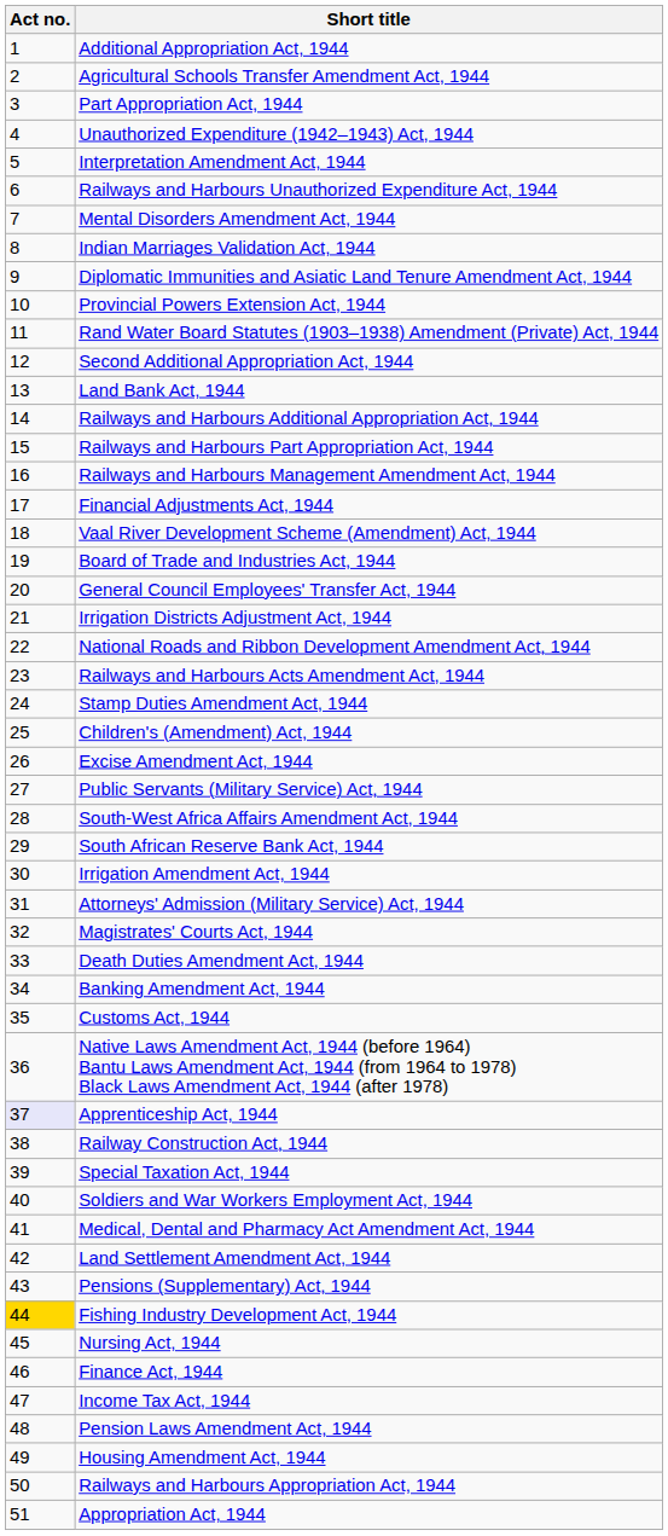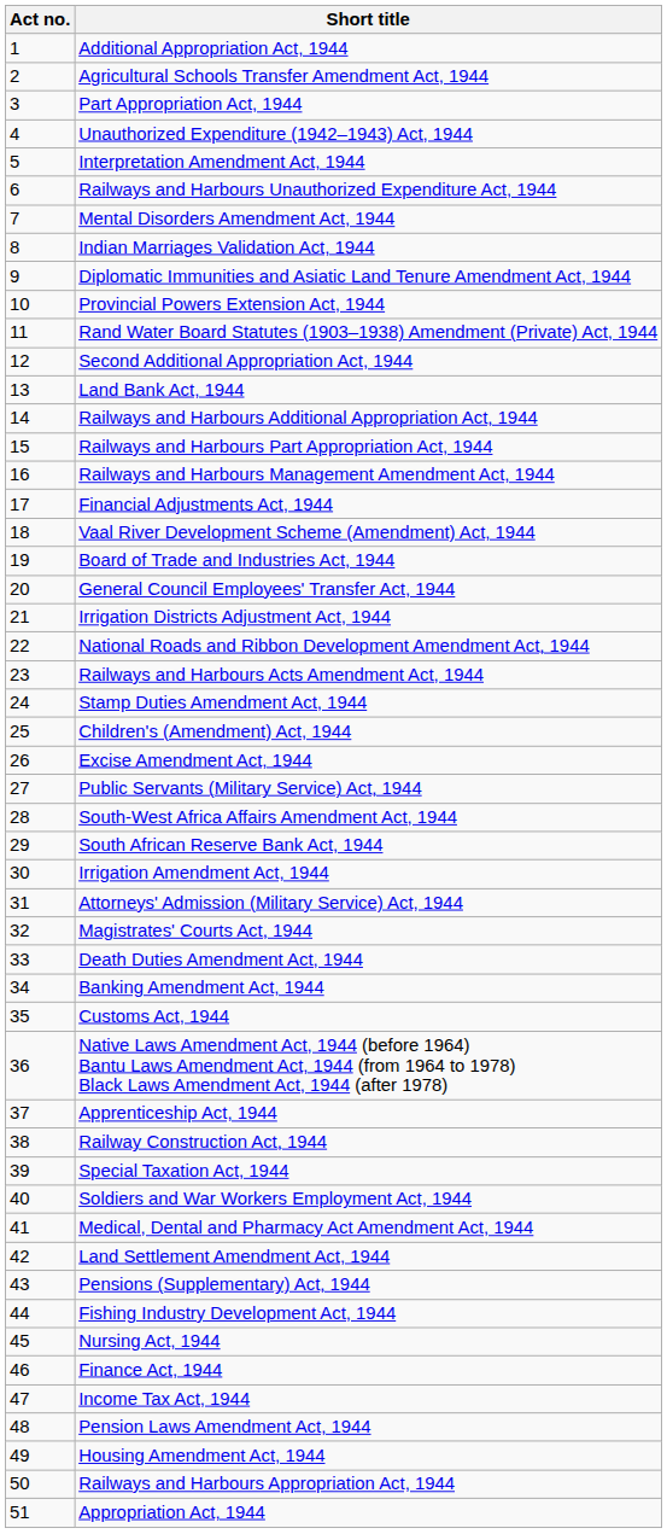 <table class="wikitable sortable">
 <tr>
 <th>Act no.</th>
 <th>Short title</th>
 </tr>
 <tr>
 <td>1</td>
 <td><a href='#'>Additional Appropriation Act, 1944</a></td>
 </tr>
 <tr>
 <td>2</td>
 <td><a href='#'>Agricultural Schools Transfer Amendment Act, 1944</a></td>
 </tr>
 <tr>
 <td>3</td>
 <td><a href='#'>Part Appropriation Act, 1944</a></td>
 </tr>
 <tr>
 <td>4</td>
 <td><a href='#'>Unauthorized Expenditure (1942–1943) Act, 1944</a></td>
 </tr>
 <tr>
 <td>5</td>
 <td><a href='#'>Interpretation Amendment Act, 1944</a></td>
 </tr>
 <tr>
 <td>6</td>
 <td><a href='#'>Railways and Harbours Unauthorized Expenditure Act, 1944</a></td>
 </tr>
 <tr>
 <td>7</td>
 <td><a href='#'>Mental Disorders Amendment Act, 1944</a></td>
 </tr>
 <tr>
 <td>8</td>
 <td><a href='#'>Indian Marriages Validation Act, 1944</a></td>
 </tr>
 <tr>
 <td>9</td>
 <td><a href='#'>Diplomatic Immunities and Asiatic Land Tenure Amendment Act, 1944</a></td>
 </tr>
 <tr>
 <td>10</td>
 <td><a href='#'>Provincial Powers Extension Act, 1944</a></td>
 </tr>
 <tr>
 <td>11</td>
 <td><a href='#'>Rand Water Board Statutes (1903–1938) Amendment (Private) Act, 1944</a></td>
 </tr>
 <tr>
 <td>12</td>
 <td><a href='#'>Second Additional Appropriation Act, 1944</a></td>
 </tr>
 <tr>
 <td>13</td>
 <td><a href='#'>Land Bank Act, 1944</a></td>
 </tr>
 <tr>
 <td>14</td>
 <td><a href='#'>Railways and Harbours Additional Appropriation Act, 1944</a></td>
 </tr>
 <tr>
 <td>15</td>
 <td><a href='#'>Railways and Harbours Part Appropriation Act, 1944</a></td>
 </tr>
 <tr>
 <td>16</td>
 <td><a href='#'>Railways and Harbours Management Amendment Act, 1944</a></td>
 </tr>
 <tr>
 <td>17</td>
 <td><a href='#'>Financial Adjustments Act, 1944</a></td>
 </tr>
 <tr>
 <td>18</td>
 <td><a href='#'>Vaal River Development Scheme (Amendment) Act, 1944</a></td>
 </tr>
 <tr>
 <td>19</td>
 <td><a href='#'>Board of Trade and Industries Act, 1944</a></td>
 </tr>
 <tr>
 <td>20</td>
 <td><a href='#'>General Council Employees' Transfer Act, 1944</a></td>
 </tr>
 <tr>
 <td>21</td>
 <td><a href='#'>Irrigation Districts Adjustment Act, 1944</a></td>
 </tr>
 <tr>
 <td>22</td>
 <td><a href='#'>National Roads and Ribbon Development Amendment Act, 1944</a></td>
 </tr>
 <tr>
 <td>23</td>
 <td><a href='#'>Railways and Harbours Acts Amendment Act, 1944</a></td>
 </tr>
 <tr>
 <td>24</td>
 <td><a href='#'>Stamp Duties Amendment Act, 1944</a></td>
 </tr>
 <tr>
 <td>25</td>
 <td><a href='#'>Children's (Amendment) Act, 1944</a></td>
 </tr>
 <tr>
 <td>26</td>
 <td><a href='#'>Excise Amendment Act, 1944</a></td>
 </tr>
 <tr>
 <td>27</td>
 <td><a href='#'>Public Servants (Military Service) Act, 1944</a></td>
 </tr>
 <tr>
 <td>28</td>
 <td><a href='#'>South-West Africa Affairs Amendment Act, 1944</a></td>
 </tr>
 <tr>
 <td>29</td>
 <td><a href='#'>South African Reserve Bank Act, 1944</a></td>
 </tr>
 <tr>
 <td>30</td>
 <td><a href='#'>Irrigation Amendment Act, 1944</a></td>
 </tr>
 <tr>
 <td>31</td>
 <td><a href='#'>Attorneys' Admission (Military Service) Act, 1944</a></td>
 </tr>
 <tr>
 <td>32</td>
 <td><a href='#'>Magistrates' Courts Act, 1944</a></td>
 </tr>
 <tr>
 <td>33</td>
 <td><a href='#'>Death Duties Amendment Act, 1944</a></td>
 </tr>
 <tr>
 <td>34</td>
 <td><a href='#'>Banking Amendment Act, 1944</a></td>
 </tr>
 <tr>
 <td>35</td>
 <td><a href='#'>Customs Act, 1944</a></td>
 </tr>
 <tr>
 <td>36</td>
 <td><a href='#'>Native Laws Amendment Act, 1944</a> (before 1964) <br><a href='#'>Bantu Laws Amendment Act, 1944</a> (from 1964 to 1978) <br><a href='#'>Black Laws Amendment Act, 1944</a> (after 1978)</td>
 </tr>
 <tr>
-<td style="background: lavender;">37</td>
+<td>37</td>
 <td><a href='#'>Apprenticeship Act, 1944</a></td>
 </tr>
 <tr>
 <td>38</td>
 <td><a href='#'>Railway Construction Act, 1944</a></td>
 </tr>
 <tr>
 <td>39</td>
 <td><a href='#'>Special Taxation Act, 1944</a></td>
 </tr>
 <tr>
 <td>40</td>
 <td><a href='#'>Soldiers and War Workers Employment Act, 1944</a></td>
 </tr>
 <tr>
 <td>41</td>
 <td><a href='#'>Medical, Dental and Pharmacy Act Amendment Act, 1944</a></td>
 </tr>
 <tr>
 <td>42</td>
 <td><a href='#'>Land Settlement Amendment Act, 1944</a></td>
 </tr>
 <tr>
 <td>43</td>
 <td><a href='#'>Pensions (Supplementary) Act, 1944</a></td>
 </tr>
 <tr>
-<td style="background: gold;">44</td>
+<td>44</td>
 <td><a href='#'>Fishing Industry Development Act, 1944</a></td>
 </tr>
 <tr>
 <td>45</td>
 <td><a href='#'>Nursing Act, 1944</a></td>
 </tr>
 <tr>
 <td>46</td>
 <td><a href='#'>Finance Act, 1944</a></td>
 </tr>
 <tr>
 <td>47</td>
 <td><a href='#'>Income Tax Act, 1944</a></td>
 </tr>
 <tr>
 <td>48</td>
 <td><a href='#'>Pension Laws Amendment Act, 1944</a></td>
 </tr>
 <tr>
 <td>49</td>
 <td><a href='#'>Housing Amendment Act, 1944</a></td>
 </tr>
 <tr>
 <td>50</td>
 <td><a href='#'>Railways and Harbours Appropriation Act, 1944</a></td>
 </tr>
 <tr>
 <td>51</td>
 <td><a href='#'>Appropriation Act, 1944</a></td>
 </tr>
 </table>
